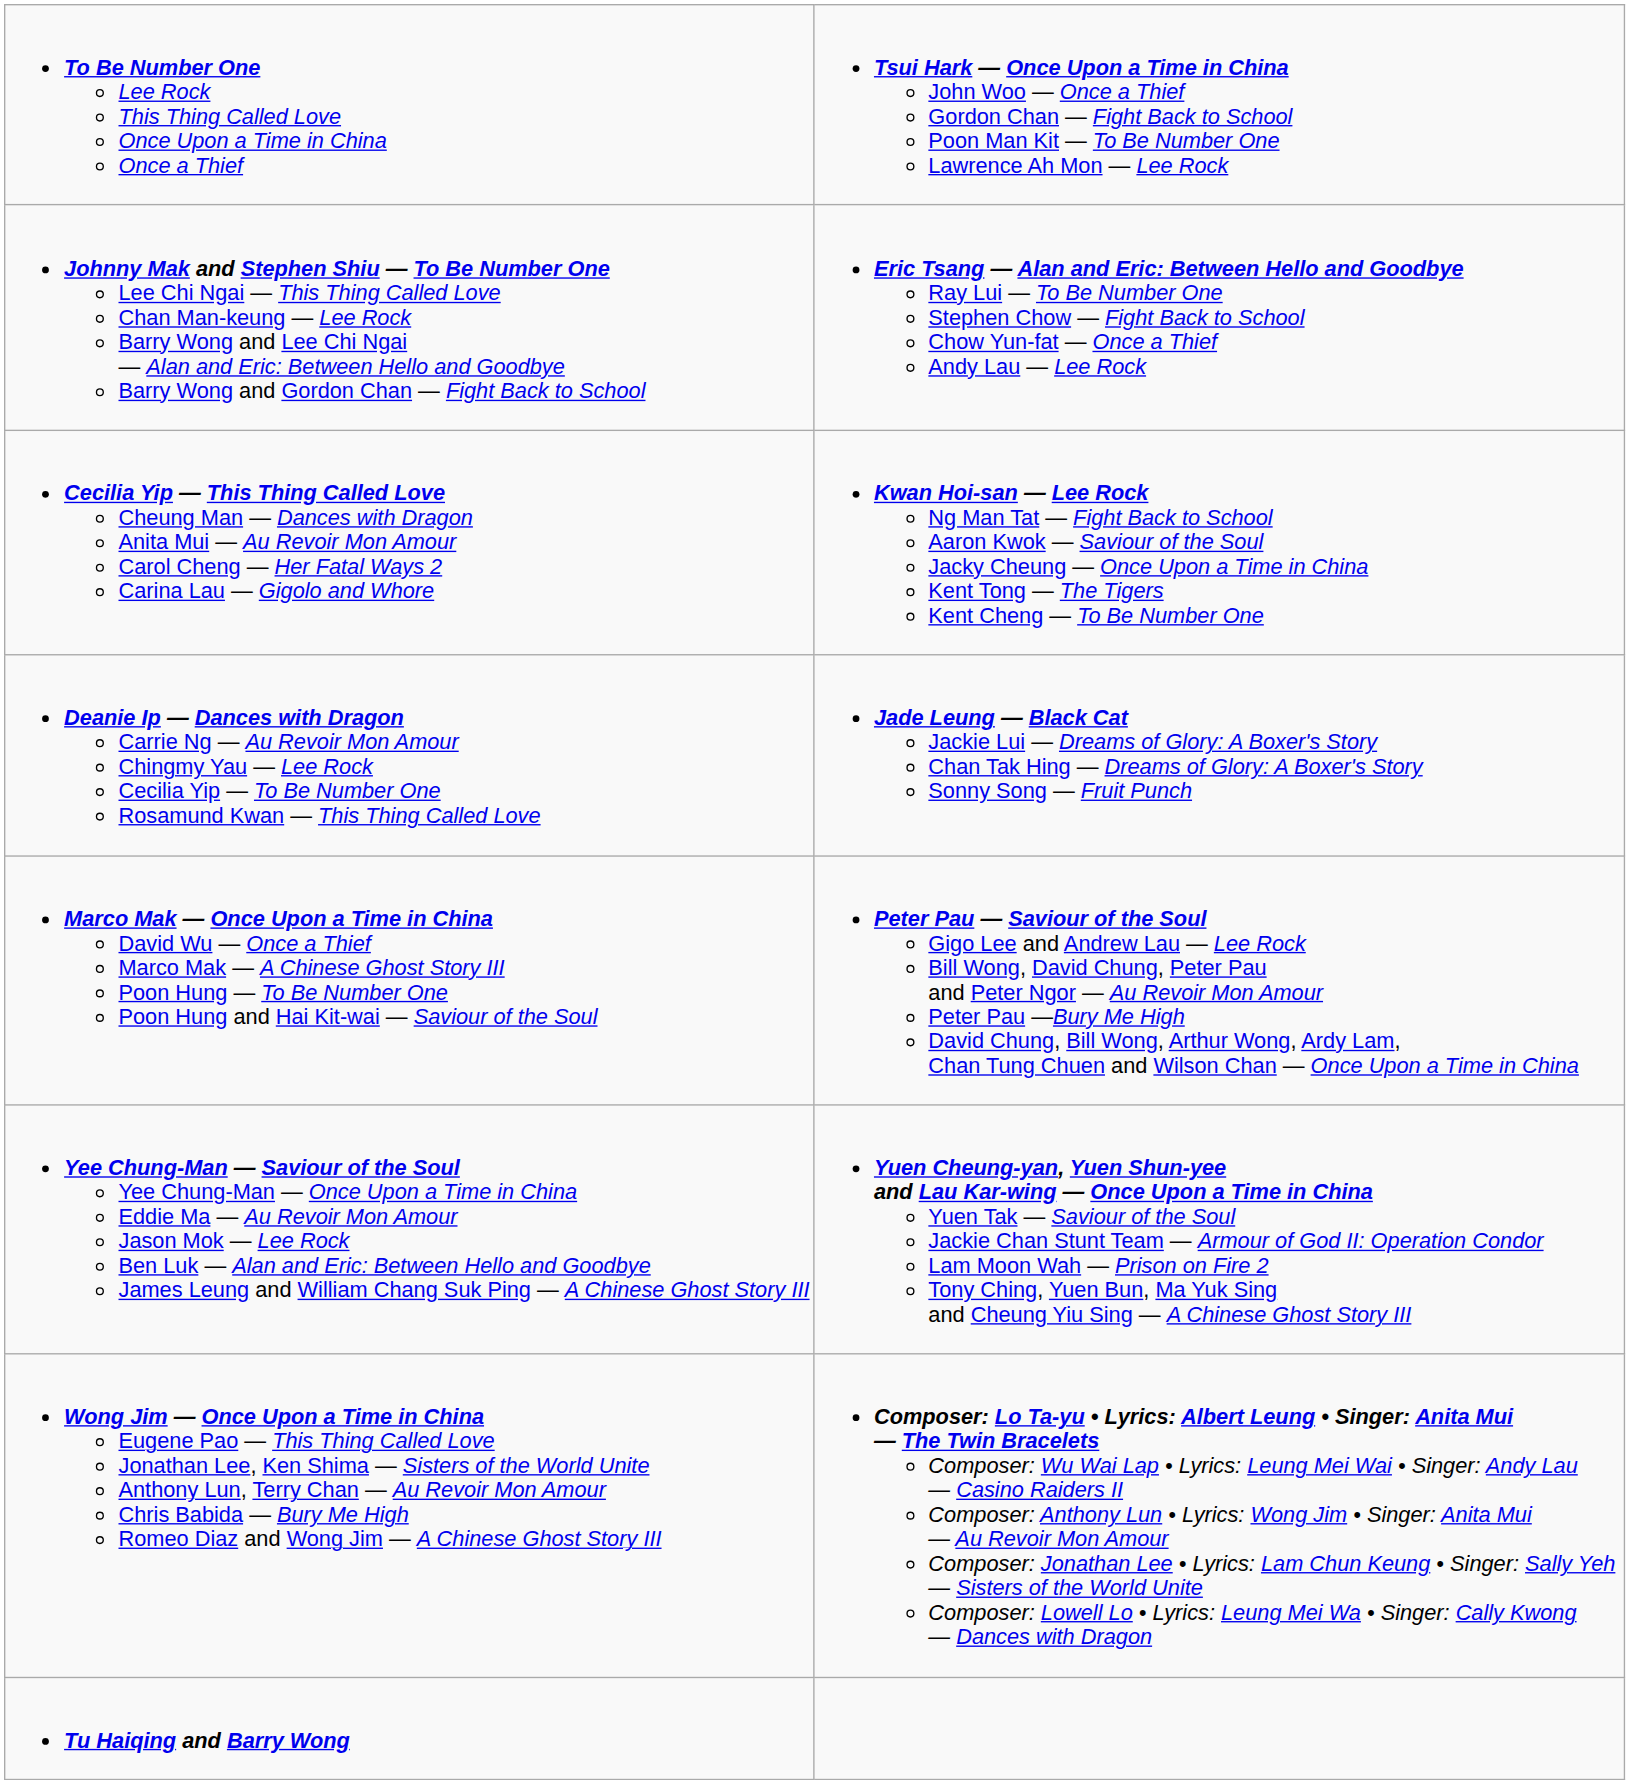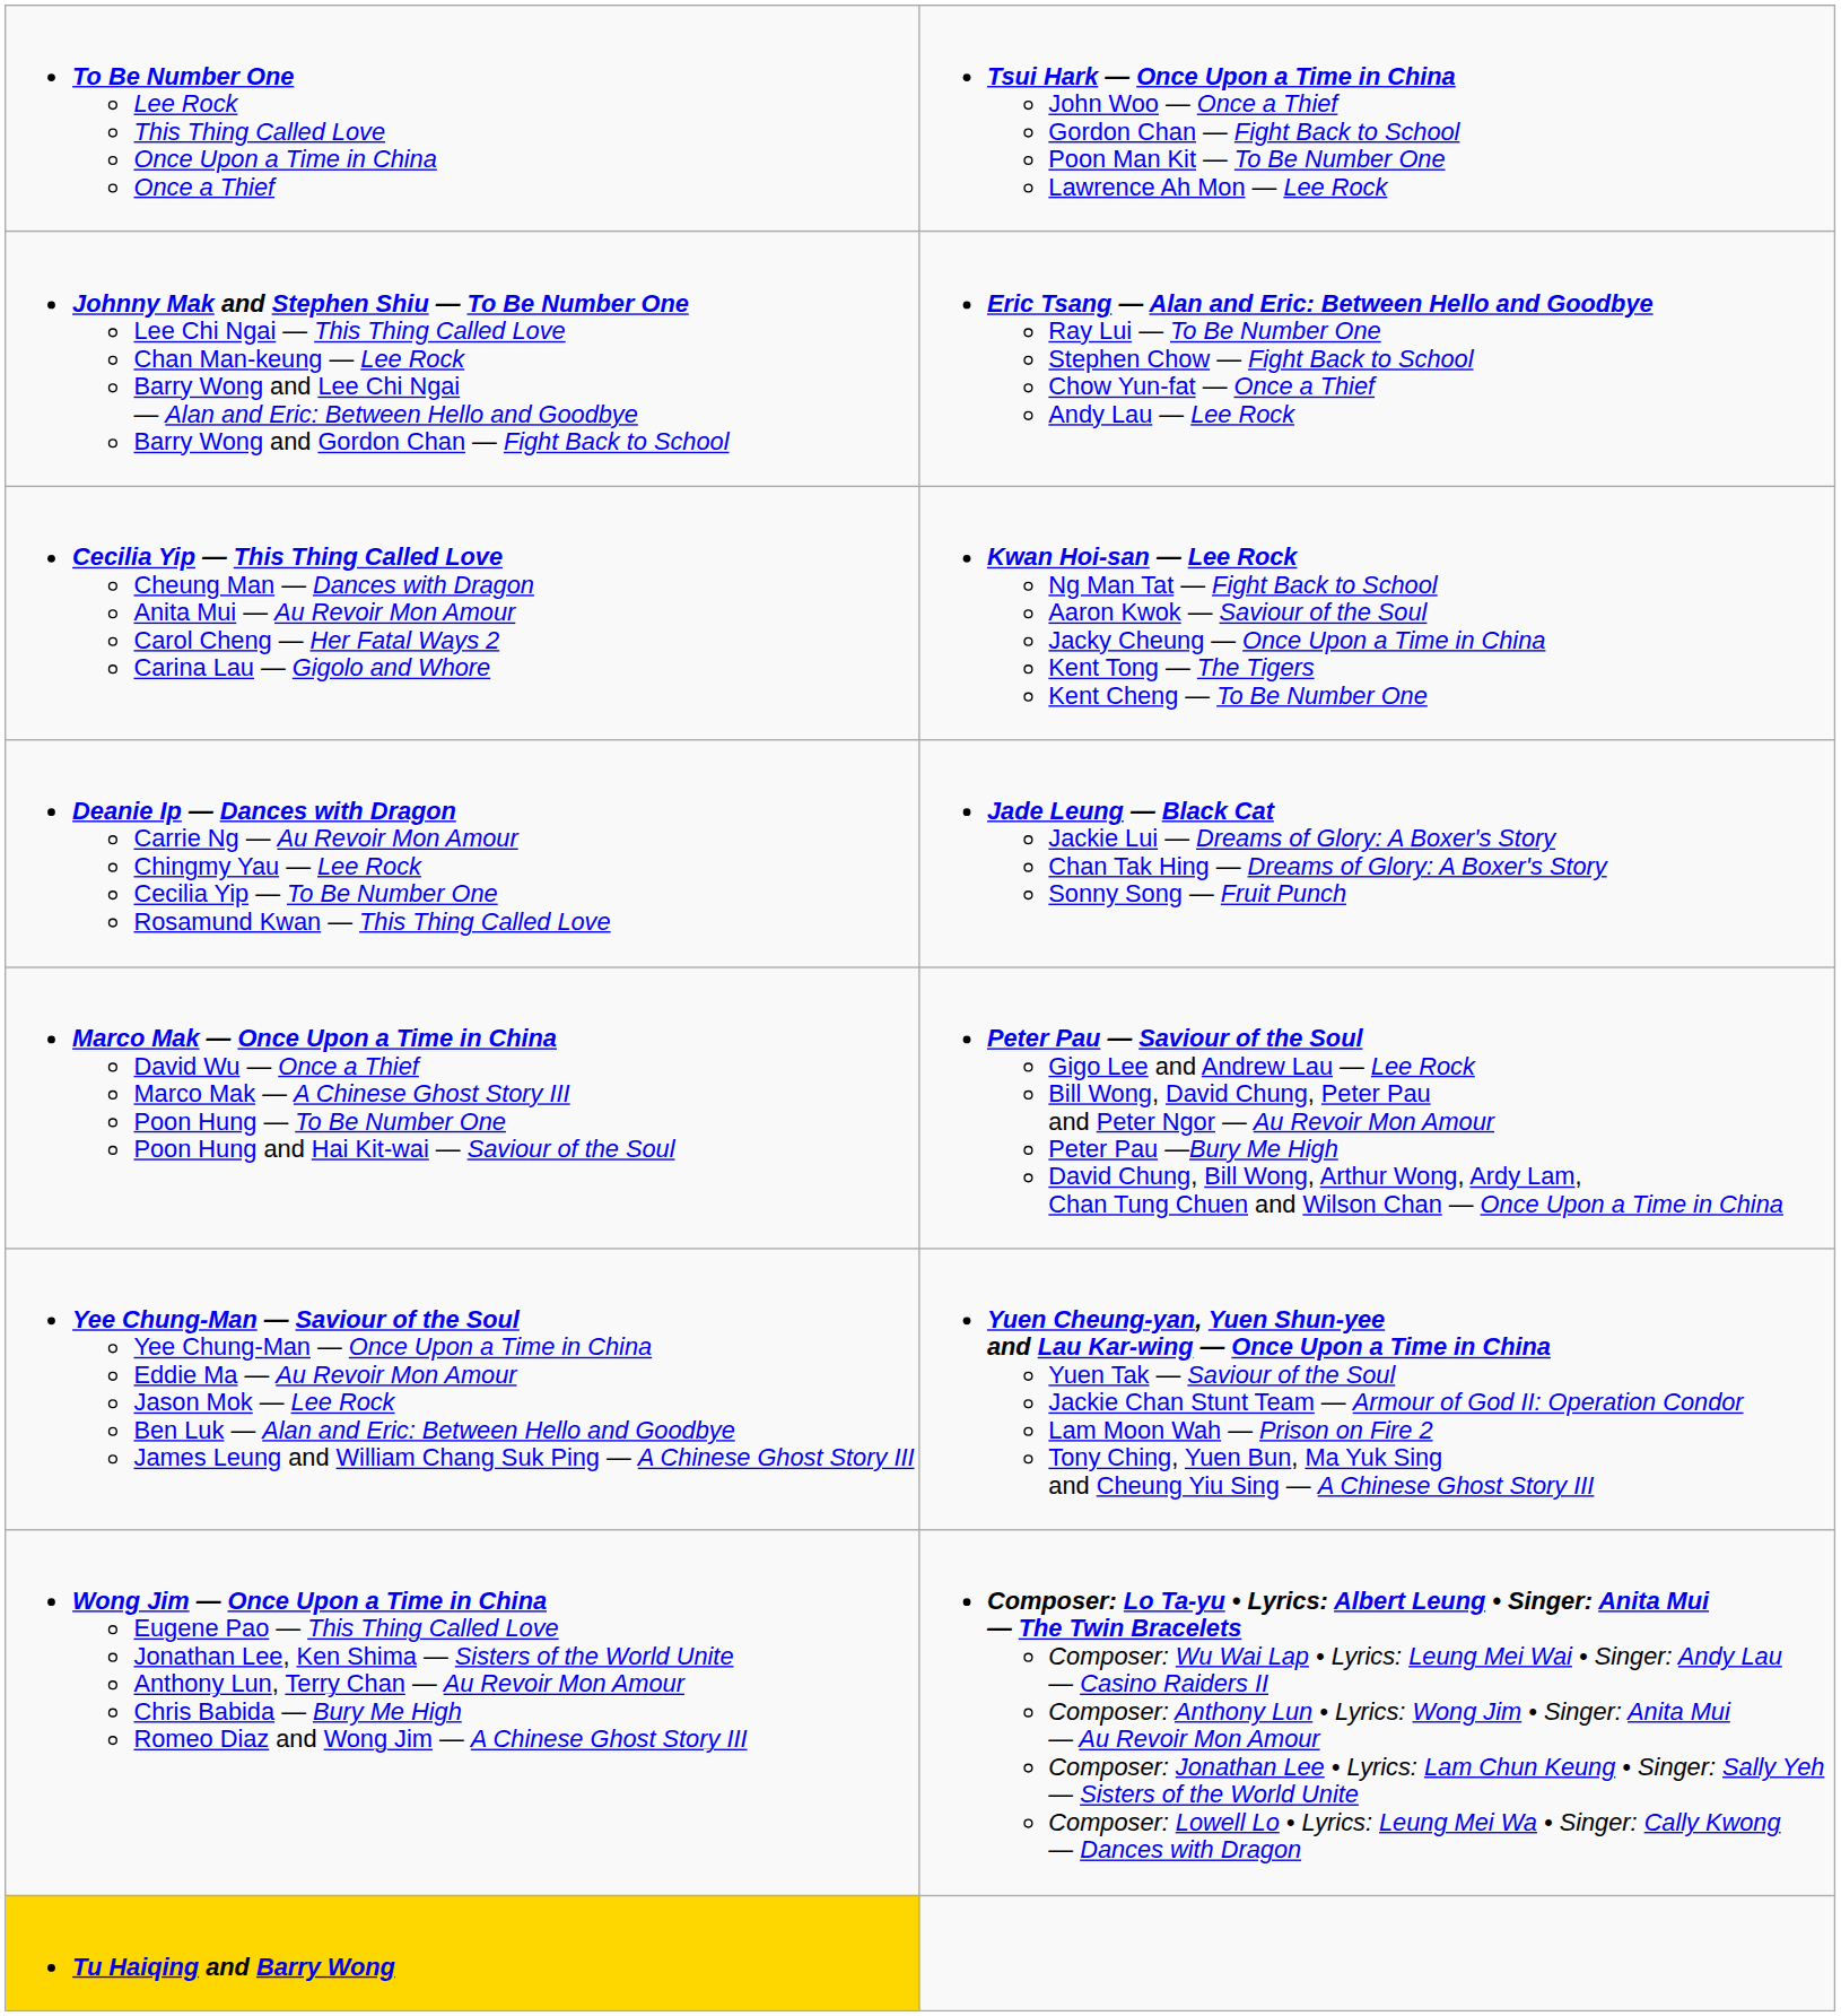 <table class=wikitable>
 <tr>
 <td valign="top" width="50%"><br><ul><li><strong><em><a href='#'>To Be Number One</a></em></strong><ul><li><em><a href='#'>Lee Rock</a></em></li><li><em><a href='#'>This Thing Called Love</a></em></li><li><em><a href='#'>Once Upon a Time in China</a></em></li><li><em><a href='#'>Once a Thief</a></em></li></ul></li></ul></td>
 <td valign="top" width="50%"><br><ul><li><strong><em><a href='#'>Tsui Hark</a> — <a href='#'>Once Upon a Time in China</a></em></strong><ul><li><a href='#'>John Woo</a> — <em><a href='#'>Once a Thief</a></em></li><li><a href='#'>Gordon Chan</a> — <em><a href='#'>Fight Back to School</a></em></li><li><a href='#'>Poon Man Kit</a> — <em><a href='#'>To Be Number One</a></em></li><li><a href='#'>Lawrence Ah Mon</a> — <em><a href='#'>Lee Rock</a></em></li></ul></li></ul></td>
 </tr>
 <tr>
 <td valign="top" width="50%"><br><ul><li><strong><em><a href='#'>Johnny Mak</a> and <a href='#'>Stephen Shiu</a> — <a href='#'>To Be Number One</a></em></strong><ul><li><a href='#'>Lee Chi Ngai</a> — <em><a href='#'>This Thing Called Love</a></em></li><li><a href='#'>Chan Man-keung</a> — <em><a href='#'>Lee Rock</a></em></li><li><a href='#'>Barry Wong</a> and <a href='#'>Lee Chi Ngai</a> <br>— <em><a href='#'>Alan and Eric: Between Hello and Goodbye</a></em></li><li><a href='#'>Barry Wong</a> and <a href='#'>Gordon Chan</a> — <em><a href='#'>Fight Back to School</a></em></li></ul></li></ul></td>
 <td valign="top" width="50%"><br><ul><li><strong><em><a href='#'>Eric Tsang</a> — <a href='#'>Alan and Eric: Between Hello and Goodbye</a></em></strong><ul><li><a href='#'>Ray Lui</a> — <em><a href='#'>To Be Number One</a></em></li><li><a href='#'>Stephen Chow</a> —<em> <a href='#'>Fight Back to School</a></em></li><li><a href='#'>Chow Yun-fat</a> —<em> <a href='#'>Once a Thief</a></em></li><li><a href='#'>Andy Lau</a> — <em><a href='#'>Lee Rock</a></em></li></ul></li></ul></td>
 </tr>
 <tr>
 <td valign="top" width="50%"><br><ul><li><strong><em><a href='#'>Cecilia Yip</a> — <a href='#'>This Thing Called Love</a></em></strong><ul><li><a href='#'>Cheung Man</a> — <em><a href='#'>Dances with Dragon</a></em></li><li><a href='#'>Anita Mui</a> — <em><a href='#'>Au Revoir Mon Amour</a></em></li><li><a href='#'>Carol Cheng</a> —<em> <a href='#'>Her Fatal Ways 2</a></em></li><li><a href='#'>Carina Lau</a> — <em><a href='#'>Gigolo and Whore</a></em></li></ul></li></ul></td>
 <td valign="top" width="50%"><br><ul><li><strong><em><a href='#'>Kwan Hoi-san</a> — <a href='#'>Lee Rock</a></em></strong><ul><li><a href='#'>Ng Man Tat</a> — <em><a href='#'>Fight Back to School</a></em></li><li><a href='#'>Aaron Kwok</a> —<em> <a href='#'>Saviour of the Soul</a></em></li><li><a href='#'>Jacky Cheung</a> — <em><a href='#'>Once Upon a Time in China</a></em></li><li><a href='#'>Kent Tong</a> — <em><a href='#'>The Tigers</a></em></li><li><a href='#'>Kent Cheng</a> — <em><a href='#'>To Be Number One</a></em></li></ul></li></ul></td>
 </tr>
 <tr>
 <td valign="top" width="50%"><br><ul><li><strong><em><a href='#'>Deanie Ip</a> — <a href='#'>Dances with Dragon</a></em></strong><ul><li><a href='#'>Carrie Ng</a> — <em><a href='#'>Au Revoir Mon Amour</a></em></li><li><a href='#'>Chingmy Yau</a> —<em> <a href='#'>Lee Rock</a></em></li><li><a href='#'>Cecilia Yip</a> —<em> <a href='#'>To Be Number One</a></em></li><li><a href='#'>Rosamund Kwan</a> — <em><a href='#'>This Thing Called Love</a></em></li></ul></li></ul></td>
 <td valign="top" width="50%"><br><ul><li><strong><em><a href='#'>Jade Leung</a> — <a href='#'>Black Cat</a></em></strong><ul><li><a href='#'>Jackie Lui</a> — <em><a href='#'>Dreams of Glory: A Boxer's Story</a></em></li><li><a href='#'>Chan Tak Hing</a> — <em><a href='#'>Dreams of Glory: A Boxer's Story</a></em></li><li><a href='#'>Sonny Song</a> — <em><a href='#'>Fruit Punch</a></em></li></ul></li></ul></td>
 </tr>
 <tr>
 <td valign="top" width="50%"><br><ul><li><strong><em><a href='#'>Marco Mak</a> — <a href='#'>Once Upon a Time in China</a></em></strong><ul><li><a href='#'>David Wu</a> — <em><a href='#'>Once a Thief</a></em></li><li><a href='#'>Marco Mak</a> — <em><a href='#'>A Chinese Ghost Story III</a></em></li><li><a href='#'>Poon Hung</a> — <em><a href='#'>To Be Number One</a></em></li><li><a href='#'>Poon Hung</a> and <a href='#'>Hai Kit-wai</a> — <em><a href='#'>Saviour of the Soul</a></em></li></ul></li></ul></td>
 <td valign="top" width="50%"><br><ul><li><strong><em><a href='#'>Peter Pau</a> — <a href='#'>Saviour of the Soul</a></em></strong><ul><li><a href='#'>Gigo Lee</a> and <a href='#'>Andrew Lau</a> — <em><a href='#'>Lee Rock</a></em></li><li><a href='#'>Bill Wong</a>, <a href='#'>David Chung</a>, <a href='#'>Peter Pau</a>  <br>and <a href='#'>Peter Ngor</a> — <em><a href='#'>Au Revoir Mon Amour</a></em></li><li><a href='#'>Peter Pau</a> —<em><a href='#'>Bury Me High</a></em></li><li><a href='#'>David Chung</a>, <a href='#'>Bill Wong</a>, <a href='#'>Arthur Wong</a>, <a href='#'>Ardy Lam</a>,<br> <a href='#'>Chan Tung Chuen</a> and <a href='#'>Wilson Chan</a> — <em><a href='#'>Once Upon a Time in China</a></em></li></ul></li></ul></td>
 </tr>
 <tr>
 <td valign="top" width="50%"><br><ul><li><strong><em><a href='#'>Yee Chung-Man</a> — <a href='#'>Saviour of the Soul</a></em></strong><ul><li><a href='#'>Yee Chung-Man</a> — <em><a href='#'>Once Upon a Time in China</a></em></li><li><a href='#'>Eddie Ma</a> — <em><a href='#'>Au Revoir Mon Amour</a></em></li><li><a href='#'>Jason Mok</a> — <em><a href='#'>Lee Rock</a></em></li><li><a href='#'>Ben Luk</a> — <em><a href='#'>Alan and Eric: Between Hello and Goodbye</a></em></li><li><a href='#'>James Leung</a> and <a href='#'>William Chang Suk Ping</a> — <em><a href='#'>A Chinese Ghost Story III</a></em></li></ul></li></ul></td>
 <td valign="top" width="50%"><br><ul><li><strong><em><a href='#'>Yuen Cheung-yan</a>, <a href='#'>Yuen Shun-yee</a> <br> and <a href='#'>Lau Kar-wing</a> — <a href='#'>Once Upon a Time in China</a></em></strong><ul><li><a href='#'>Yuen Tak</a> — <em><a href='#'>Saviour of the Soul</a></em></li><li><a href='#'>Jackie Chan Stunt Team</a> — <em><a href='#'>Armour of God II: Operation Condor</a></em></li><li><a href='#'>Lam Moon Wah</a> — <em><a href='#'>Prison on Fire 2</a></em></li><li><a href='#'>Tony Ching</a>, <a href='#'>Yuen Bun</a>, <a href='#'>Ma Yuk Sing</a> <br>and <a href='#'>Cheung Yiu Sing</a> — <em><a href='#'>A Chinese Ghost Story III</a></em></li></ul></li></ul></td>
 </tr>
 <tr>
 <td valign="top" width="50%"><br><ul><li><strong><em><a href='#'>Wong Jim</a> — <a href='#'>Once Upon a Time in China</a></em></strong><ul><li><a href='#'>Eugene Pao</a> — <em><a href='#'>This Thing Called Love</a></em></li><li><a href='#'>Jonathan Lee</a>, <a href='#'>Ken Shima</a> — <em><a href='#'>Sisters of the World Unite</a></em></li><li><a href='#'>Anthony Lun</a>, <a href='#'>Terry Chan</a> — <em><a href='#'>Au Revoir Mon Amour</a></em></li><li><a href='#'>Chris Babida</a> — <em><a href='#'>Bury Me High</a></em></li><li><a href='#'>Romeo Diaz</a> and <a href='#'>Wong Jim</a> — <em><a href='#'>A Chinese Ghost Story III</a></em></li></ul></li></ul></td>
 <td valign="top" width="50%"><br><ul><li><strong><em>Composer: <a href='#'>Lo Ta-yu</a> • Lyrics: <a href='#'>Albert Leung</a> • Singer: <a href='#'>Anita Mui</a> <br> —  <a href='#'>The Twin Bracelets</a></em></strong><ul><li><em>Composer: <a href='#'>Wu Wai Lap</a> • Lyrics: <a href='#'>Leung Mei Wai</a> • Singer: <a href='#'>Andy Lau</a> <br> —  <a href='#'>Casino Raiders II</a></em></li><li><em>Composer: <a href='#'>Anthony Lun</a> • Lyrics: <a href='#'>Wong Jim</a> • Singer: <a href='#'>Anita Mui</a> <br> —  <a href='#'>Au Revoir Mon Amour</a></em></li><li><em>Composer: <a href='#'>Jonathan Lee</a> • Lyrics: <a href='#'>Lam Chun Keung</a> • Singer: <a href='#'>Sally Yeh</a>  <br>—  <a href='#'>Sisters of the World Unite</a></em></li><li><em>Composer: <a href='#'>Lowell Lo</a> • Lyrics: <a href='#'>Leung Mei Wa</a> • Singer: <a href='#'>Cally Kwong</a>  <br>—  <a href='#'>Dances with Dragon</a></em></li></ul></li></ul></td>
 </tr>
 <tr>
-<td valign="top" width="50%"><br><ul><li><strong><em><a href='#'>Tu Haiqing</a> and <a href='#'>Barry Wong</a></em></strong></li></ul></td>
+<td valign="top" width="50%" style="background: gold;"><br><ul><li><strong><em><a href='#'>Tu Haiqing</a> and <a href='#'>Barry Wong</a></em></strong></li></ul></td>
 </tr>
 </table>
